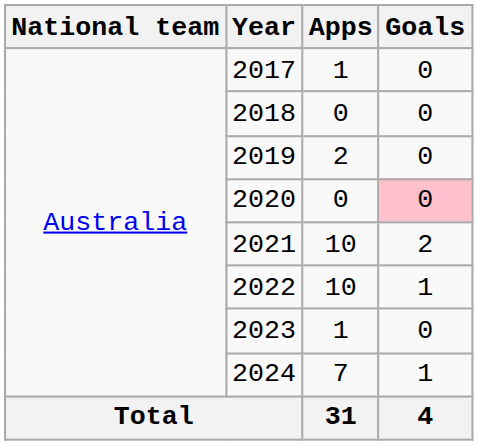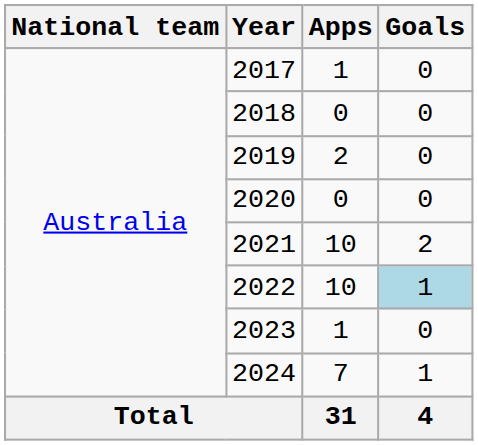 <table class="wikitable" style="text-align:center">
 <tr>
 <th>National team</th>
 <th>Year</th>
 <th>Apps</th>
 <th>Goals</th>
 </tr>
 <tr>
 <td rowspan="8"><a href='#'>Australia</a></td>
 <td>2017</td>
 <td>1</td>
 <td>0</td>
 </tr>
 <tr>
 <td>2018</td>
 <td>0</td>
 <td>0</td>
 </tr>
 <tr>
 <td>2019</td>
 <td>2</td>
 <td>0</td>
 </tr>
 <tr>
 <td>2020</td>
 <td>0</td>
-<td style="background: pink;">0</td>
+<td>0</td>
 </tr>
 <tr>
 <td>2021</td>
 <td>10</td>
 <td>2</td>
 </tr>
 <tr>
 <td>2022</td>
 <td>10</td>
-<td>1</td>
+<td style="background: lightblue;">1</td>
 </tr>
 <tr>
 <td>2023</td>
 <td>1</td>
 <td>0</td>
 </tr>
 <tr>
 <td>2024</td>
 <td>7</td>
 <td>1</td>
 </tr>
 <tr>
 <th colspan="2">Total</th>
 <th>31</th>
 <th>4</th>
 </tr>
 </table>
